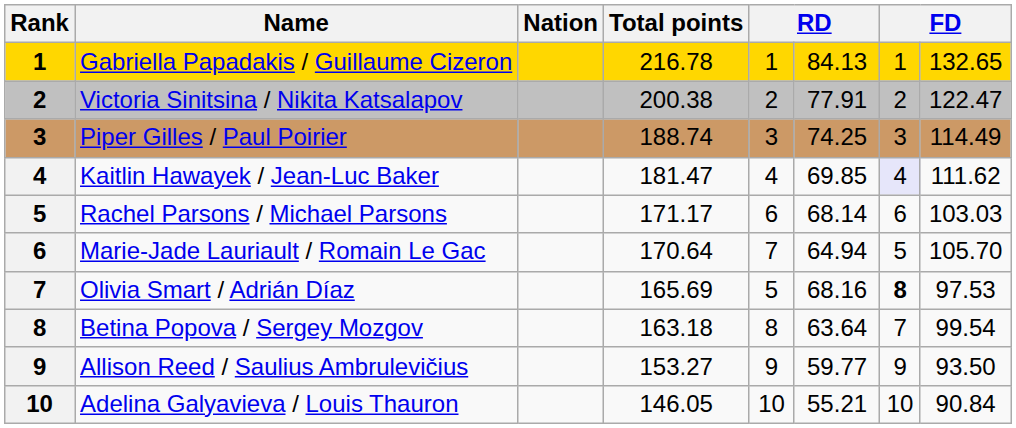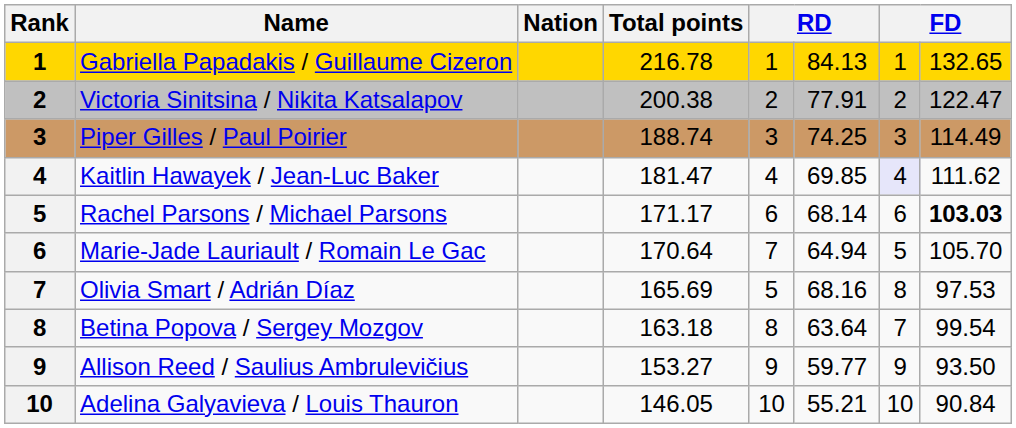 <table class="wikitable sortable">
 <tr>
 <th>Rank</th>
 <th>Name</th>
 <th>Nation</th>
 <th>Total points</th>
 <th colspan="2" width="80px"><a href='#'>RD</a></th>
 <th colspan="2" width="80px"><a href='#'>FD</a></th>
 </tr>
 <tr bgcolor="gold">
 <td align="center"><strong>1</strong></td>
 <td><a href='#'>Gabriella Papadakis</a> / <a href='#'>Guillaume Cizeron</a></td>
 <td></td>
 <td align="center">216.78</td>
 <td align="center">1</td>
 <td align="center">84.13</td>
 <td align="center">1</td>
 <td align="center">132.65</td>
 </tr>
 <tr bgcolor="silver">
 <td align="center"><strong>2</strong></td>
 <td><a href='#'>Victoria Sinitsina</a> / <a href='#'>Nikita Katsalapov</a></td>
 <td></td>
 <td align="center">200.38</td>
 <td align="center">2</td>
 <td align="center">77.91</td>
 <td align="center">2</td>
 <td align="center">122.47</td>
 </tr>
 <tr bgcolor="cc9966">
 <td align="center"><strong>3</strong></td>
 <td><a href='#'>Piper Gilles</a> / <a href='#'>Paul Poirier</a></td>
 <td></td>
 <td align="center">188.74</td>
 <td align="center">3</td>
 <td align="center">74.25</td>
 <td align="center">3</td>
 <td align="center">114.49</td>
 </tr>
 <tr>
 <th>4</th>
 <td><a href='#'>Kaitlin Hawayek</a> / <a href='#'>Jean-Luc Baker</a></td>
 <td></td>
 <td align="center">181.47</td>
 <td align="center">4</td>
 <td align="center">69.85</td>
 <td align="center" style="background: lavender;">4</td>
 <td align="center">111.62</td>
 </tr>
 <tr>
 <th>5</th>
 <td><a href='#'>Rachel Parsons</a> / <a href='#'>Michael Parsons</a></td>
 <td></td>
 <td align="center">171.17</td>
 <td align="center">6</td>
 <td align="center">68.14</td>
 <td align="center">6</td>
-<td align="center">103.03</td>
+<td align="center"><strong>103.03</strong></td>
 </tr>
 <tr>
 <th>6</th>
 <td><a href='#'>Marie-Jade Lauriault</a> / <a href='#'>Romain Le Gac</a></td>
 <td></td>
 <td align="center">170.64</td>
 <td align="center">7</td>
 <td align="center">64.94</td>
 <td align="center">5</td>
 <td align="center">105.70</td>
 </tr>
 <tr>
 <th>7</th>
 <td><a href='#'>Olivia Smart</a> / <a href='#'>Adrián Díaz</a></td>
 <td></td>
 <td align="center">165.69</td>
 <td align="center">5</td>
 <td align="center">68.16</td>
-<td align="center"><strong>8</strong></td>
+<td align="center">8</td>
 <td align="center">97.53</td>
 </tr>
 <tr>
 <th>8</th>
 <td><a href='#'>Betina Popova</a> / <a href='#'>Sergey Mozgov</a></td>
 <td></td>
 <td align="center">163.18</td>
 <td align="center">8</td>
 <td align="center">63.64</td>
 <td align="center">7</td>
 <td align="center">99.54</td>
 </tr>
 <tr>
 <th>9</th>
 <td><a href='#'>Allison Reed</a> / <a href='#'>Saulius Ambrulevičius</a></td>
 <td></td>
 <td align="center">153.27</td>
 <td align="center">9</td>
 <td align="center">59.77</td>
 <td align="center">9</td>
 <td align="center">93.50</td>
 </tr>
 <tr>
 <th>10</th>
 <td><a href='#'>Adelina Galyavieva</a> / <a href='#'>Louis Thauron</a></td>
 <td></td>
 <td align="center">146.05</td>
 <td align="center">10</td>
 <td align="center">55.21</td>
 <td align="center">10</td>
 <td align="center">90.84</td>
 </tr>
 </table>
